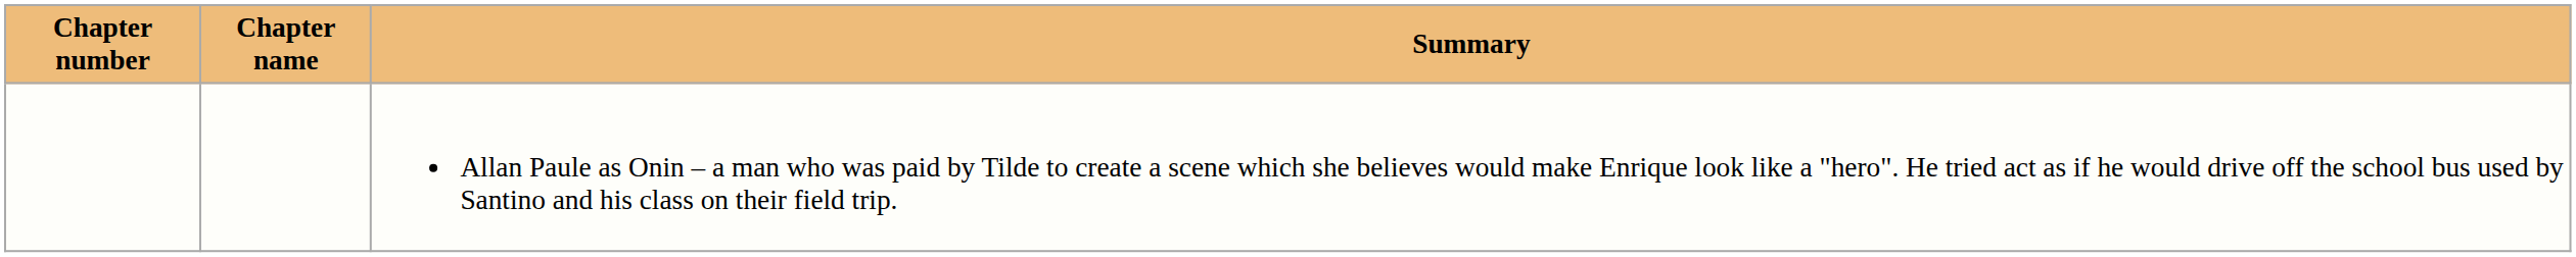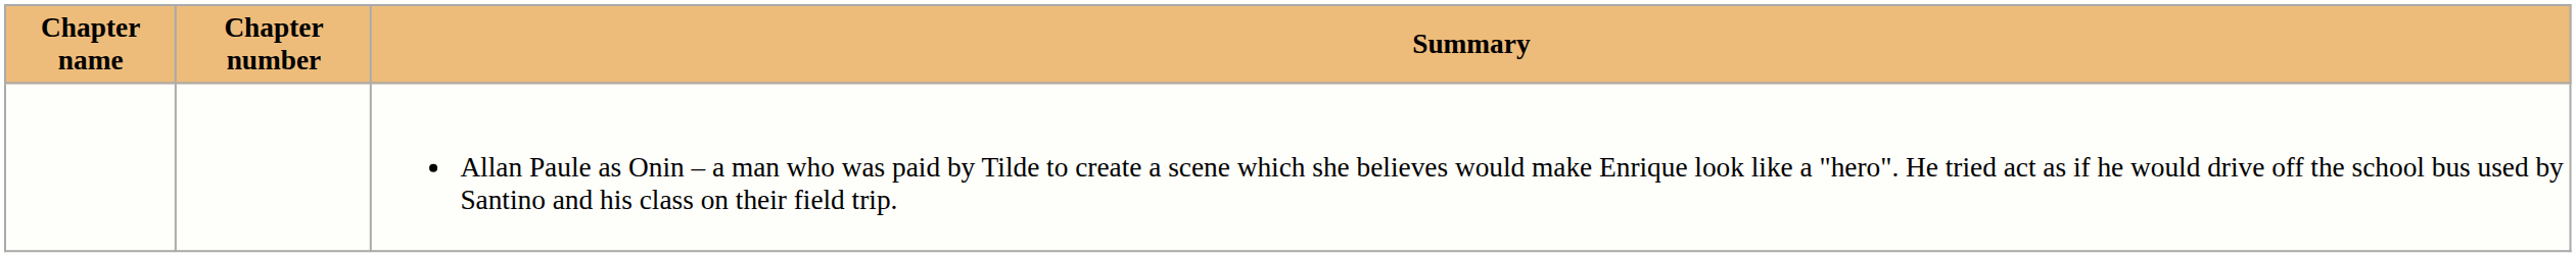 <table class="wikitable" style=" background:#FEFEFA; font-size: 85%;">
 <tr>
+<th style="background:#EEBC7A; ">Chapter name</th>
 <th style="background:#EEBC7A ;">Chapter number</th>
-<th style="background:#EEBC7A; ">Chapter name</th>
 <th style="background:#EEBC7A;">Summary</th>
 </tr>
 <tr>
 <td></td>
 <td></td>
 <td><br><ul><li>Allan Paule as Onin – a man who was paid by Tilde to create a scene which she believes would make Enrique look like a "hero". He tried act as if he would drive off the school bus used by Santino and his class on their field trip.</li></ul></td>
 </tr>
 </table>
